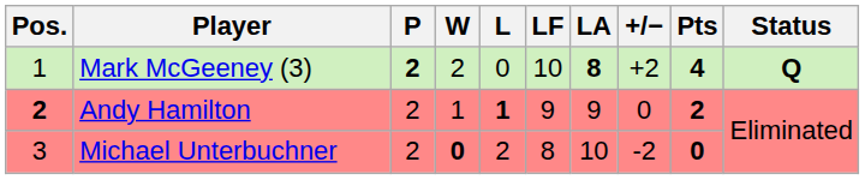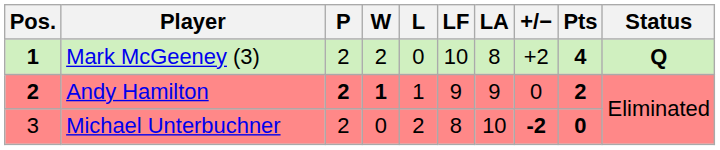 <table class="wikitable" style="text-align:center; margin: 1em auto 1em auto, align:left">
 <tr>
 <th width=20>Pos.</th>
 <th width=185>Player</th>
 <th width=20>P</th>
 <th width=20>W</th>
 <th width=20>L</th>
 <th width=20>LF</th>
 <th width=20>LA</th>
 <th width=25>+/−</th>
 <th width=20>Pts</th>
 <th width=70>Status</th>
 </tr>
 <tr style="background:#D0F0C0;">
-<td>1</td>
+<td><strong>1</strong></td>
 <td align=left> <a href='#'>Mark McGeeney</a> (3)</td>
-<td><strong>2</strong></td>
+<td>2</td>
 <td>2</td>
 <td>0</td>
 <td>10</td>
-<td><strong>8</strong></td>
+<td>8</td>
 <td>+2</td>
 <td><strong>4</strong></td>
 <td rowspan=1><strong>Q</strong></td>
 </tr>
 <tr style="background:#FF8888;">
 <td><strong>2</strong></td>
 <td align=left> <a href='#'>Andy Hamilton</a></td>
-<td>2</td>
+<td><strong>2</strong></td>
+<td><strong>1</strong></td>
 <td>1</td>
-<td><strong>1</strong></td>
 <td>9</td>
 <td>9</td>
 <td>0</td>
 <td><strong>2</strong></td>
 <td rowspan=2>Eliminated</td>
 </tr>
 <tr style="background:#FF8888;">
 <td>3</td>
 <td align=left> <a href='#'>Michael Unterbuchner</a></td>
 <td>2</td>
-<td><strong>0</strong></td>
+<td>0</td>
 <td>2</td>
 <td>8</td>
 <td>10</td>
-<td>-2</td>
+<td><strong>-2</strong></td>
 <td><strong>0</strong></td>
 </tr>
 </table>
